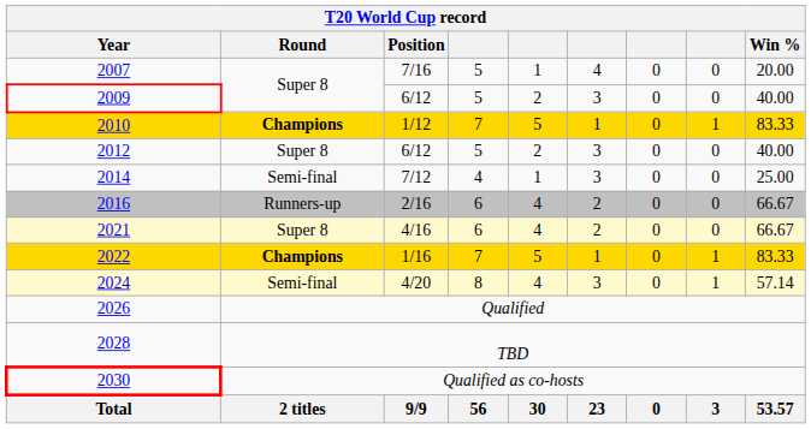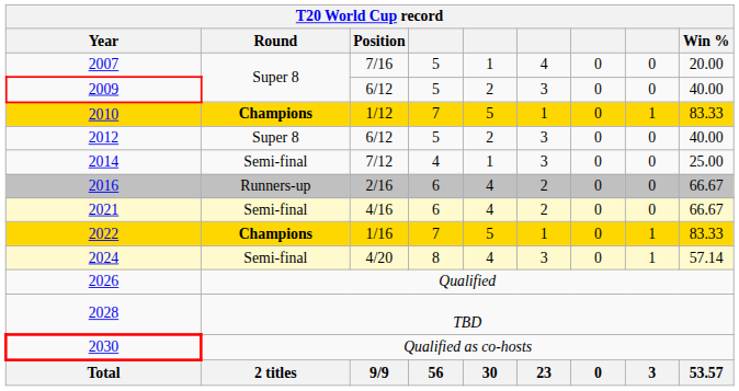 <table class="wikitable" style="text-align:center">
 <tr>
 <th colspan=9><a href='#'>T20 World Cup</a> record</th>
 </tr>
 <tr>
 <th width=200>Year</th>
 <th width=150>Round</th>
 <th width=50>Position</th>
 <th width=50></th>
 <th width=50></th>
 <th width=50></th>
 <th width=50></th>
 <th width=50></th>
 <th width=50>Win %</th>
 </tr>
 <tr>
 <td> <a href='#'>2007</a></td>
 <td rowspan=2>Super 8</td>
 <td>7/16</td>
 <td>5</td>
 <td>1</td>
 <td>4</td>
 <td>0</td>
 <td>0</td>
 <td>20.00</td>
 </tr>
 <tr>
 <td style="border:2px solid red">  <a href='#'>2009</a></td>
 <td>6/12</td>
 <td>5</td>
 <td>2</td>
 <td>3</td>
 <td>0</td>
 <td>0</td>
 <td>40.00</td>
 </tr>
 <tr style="background:Gold">
 <td> <a href='#'>2010</a></td>
 <td><strong>Champions</strong></td>
 <td>1/12</td>
 <td>7</td>
 <td>5</td>
 <td>1</td>
 <td>0</td>
 <td>1</td>
 <td>83.33</td>
 </tr>
 <tr>
 <td> <a href='#'>2012</a></td>
 <td>Super 8</td>
 <td>6/12</td>
 <td>5</td>
 <td>2</td>
 <td>3</td>
 <td>0</td>
 <td>0</td>
 <td>40.00</td>
 </tr>
 <tr>
 <td> <a href='#'>2014</a></td>
 <td>Semi-final</td>
 <td>7/12</td>
 <td>4</td>
 <td>1</td>
 <td>3</td>
 <td>0</td>
 <td>0</td>
 <td>25.00</td>
 </tr>
 <tr style="background:silver">
 <td> <a href='#'>2016</a></td>
 <td>Runners-up</td>
 <td>2/16</td>
 <td>6</td>
 <td>4</td>
 <td>2</td>
 <td>0</td>
 <td>0</td>
 <td>66.67</td>
 </tr>
 <tr style="background:LemonChiffon">
 <td>  <a href='#'>2021</a></td>
-<td>Super 8</td>
+<td>Semi-final</td>
 <td>4/16</td>
 <td>6</td>
 <td>4</td>
 <td>2</td>
 <td>0</td>
 <td>0</td>
 <td>66.67</td>
 </tr>
 <tr style="background:Gold">
 <td> <a href='#'>2022</a></td>
 <td><strong>Champions</strong></td>
 <td>1/16</td>
 <td>7</td>
 <td>5</td>
 <td>1</td>
 <td>0</td>
 <td>1</td>
 <td>83.33</td>
 </tr>
 <tr style="background:LemonChiffon">
 <td> <a href='#'>2024</a></td>
 <td>Semi-final</td>
 <td>4/20</td>
 <td>8</td>
 <td>4</td>
 <td>3</td>
 <td>0</td>
 <td>1</td>
 <td>57.14</td>
 </tr>
 <tr>
 <td>  <a href='#'>2026</a></td>
 <td colspan="9"><em>Qualified</em></td>
 </tr>
 <tr>
 <td>  <a href='#'>2028</a></td>
 <td colspan="9"><br><em>TBD</em></td>
 </tr>
 <tr>
 <td style="border: 3px solid red">    <a href='#'>2030</a></td>
 <td colspan='9'><em>Qualified as co-hosts</em></td>
 </tr>
 <tr>
 <th>Total</th>
 <th>2 titles</th>
 <th>9/9</th>
 <th>56</th>
 <th>30</th>
 <th>23</th>
 <th>0</th>
 <th>3</th>
 <th>53.57</th>
 </tr>
 </table>
